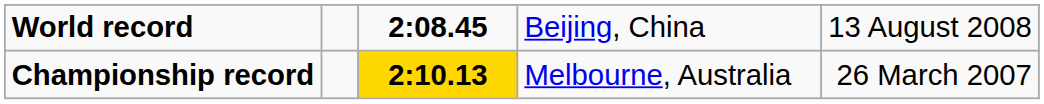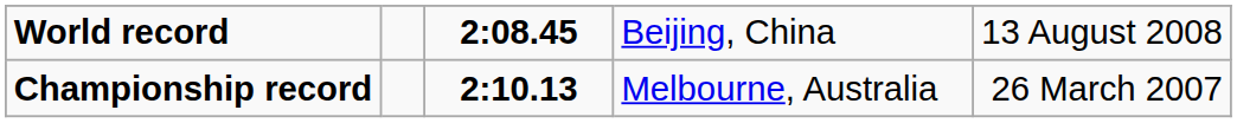 <table class="wikitable">
 <tr>
 <td><strong>World record</strong></td>
 <td style="padding-right:1em"></td>
 <td style="text-align:center;padding-left:1em; padding-right:1em;"><strong>2:08.45</strong></td>
 <td style="padding-right:1em"><a href='#'>Beijing</a>, China</td>
 <td align=right>13 August 2008</td>
 </tr>
 <tr>
 <td><strong>Championship record</strong></td>
 <td style="padding-right:1em"></td>
-<td style="background: gold; text-align:center;padding-left:1em; padding-right:1em;"><strong>2:10.13</strong></td>
+<td style="text-align:center;padding-left:1em; padding-right:1em;"><strong>2:10.13</strong></td>
 <td style="padding-right:1em"><a href='#'>Melbourne</a>, Australia</td>
 <td align=right>26 March 2007</td>
 </tr>
 </table>
